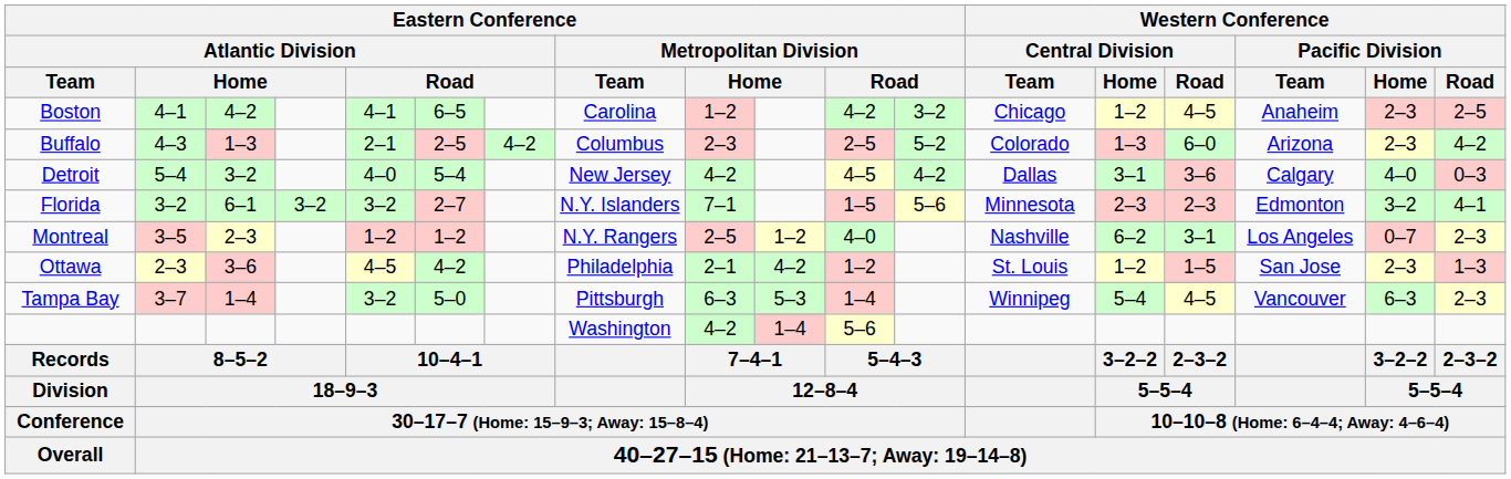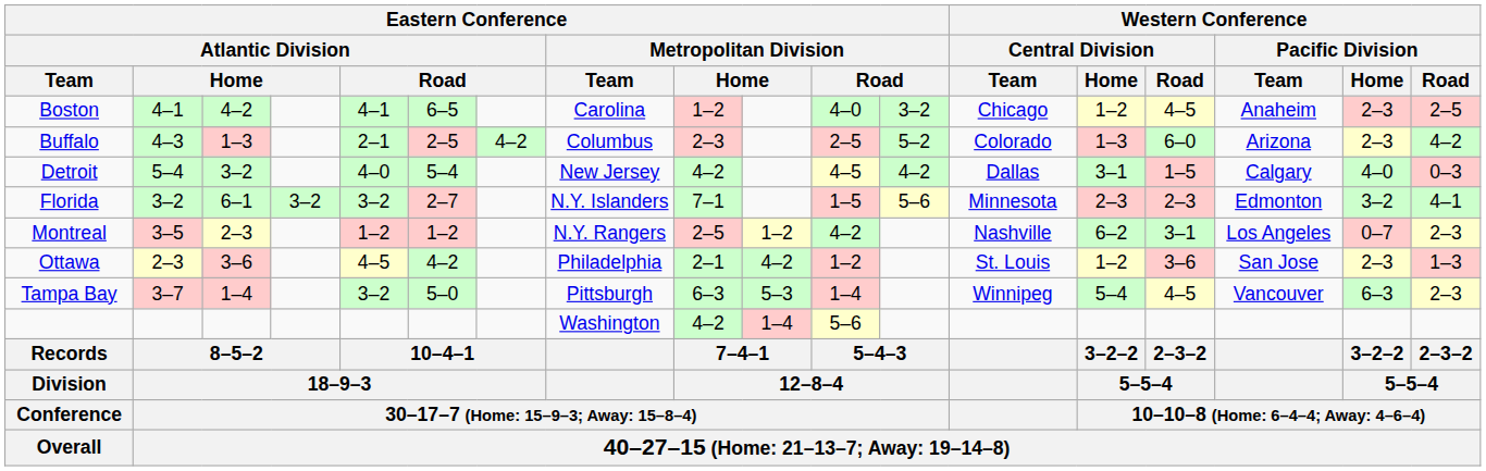 <table class="wikitable" style="font-size: 100%; text-align:center;">
 <tr>
 <th colspan="12">Eastern Conference</th>
 <th colspan="6">Western Conference</th>
 </tr>
 <tr>
 <th colspan="7">Atlantic Division</th>
 <th colspan="5">Metropolitan Division</th>
 <th colspan="3">Central Division</th>
 <th colspan="3">Pacific Division</th>
 </tr>
 <tr>
 <th colspan="1" width=100>Team</th>
 <th colspan="3" width=150>Home</th>
 <th colspan="3" width=150>Road</th>
 <th colspan="1" width=100>Team</th>
 <th colspan="2" width=100>Home</th>
 <th colspan="2" width=100>Road</th>
 <th colspan="1" width=100>Team</th>
 <th colspan="1" width=50>Home</th>
 <th colspan="1" width=50>Road</th>
 <th colspan="1" width=100>Team</th>
 <th colspan="1" width=50>Home</th>
 <th colspan="1" width=50>Road</th>
 </tr>
 <tr>
 <td><a href='#'>Boston</a></td>
 <td style="background:#cfc;">4–1</td>
 <td style="background:#cfc;">4–2</td>
 <td></td>
 <td style="background:#cfc;">4–1</td>
 <td style="background:#cfc;">6–5</td>
 <td></td>
 <td><a href='#'>Carolina</a></td>
 <td style="background:#fcc;">1–2</td>
 <td></td>
-<td style="background:#cfc;">4–2</td>
+<td style="background:#cfc;"width=50>4–0</td>
 <td style="background:#cfc;"width=50>3–2</td>
 <td><a href='#'>Chicago</a></td>
 <td style="background:#ffc;">1–2</td>
 <td style="background:#ffc;">4–5</td>
 <td><a href='#'>Anaheim</a></td>
 <td style="background:#fcc;">2–3</td>
 <td style="background:#fcc;">2–5</td>
 </tr>
 <tr>
 <td><a href='#'>Buffalo</a></td>
 <td style="background:#cfc;">4–3</td>
 <td style="background:#fcc;">1–3</td>
 <td></td>
 <td style="background:#cfc;"width=50>2–1</td>
 <td style="background:#fcc;"width=50>2–5</td>
 <td style="background:#cfc;"width=50>4–2</td>
 <td><a href='#'>Columbus</a></td>
 <td Style="background:#fcc;">2–3</td>
 <td></td>
 <td style="background:#fcc;">2–5</td>
 <td style="background:#cfc;">5–2</td>
 <td><a href='#'>Colorado</a></td>
 <td style="background:#fcc;">1–3</td>
 <td style="background:#cfc;">6–0</td>
 <td><a href='#'>Arizona</a></td>
 <td style="background:#ffc;">2–3</td>
 <td style="background:#cfc;">4–2</td>
 </tr>
 <tr>
 <td><a href='#'>Detroit</a></td>
 <td style="background:#cfc;">5–4</td>
 <td style="background:#cfc;">3–2</td>
 <td></td>
 <td style="background:#cfc;">4–0</td>
 <td style="background:#cfc">5–4</td>
 <td></td>
 <td><a href='#'>New Jersey</a></td>
 <td style="background:#cfc;">4–2</td>
 <td></td>
 <td style="background:#ffc;">4–5</td>
 <td style="background:#cfc;">4–2</td>
 <td><a href='#'>Dallas</a></td>
 <td style="background:#cfc;">3–1</td>
-<td style="background:#fcc;">3–6</td>
+<td style="background:#fcc;">1–5</td>
 <td><a href='#'>Calgary</a></td>
 <td style="background:#cfc;">4–0</td>
 <td style="background:#fcc;">0–3</td>
 </tr>
 <tr>
 <td><a href='#'>Florida</a></td>
 <td style="background:#cfc;"width=50>3–2</td>
 <td style="background:#cfc;"width=50>6–1</td>
 <td style="background:#cfc;"width=50>3–2</td>
 <td style="background:#cfc;">3–2</td>
 <td style="background:#fcc;">2–7</td>
 <td></td>
 <td><a href='#'>N.Y. Islanders</a></td>
 <td style="background:#cfc;">7–1</td>
 <td></td>
 <td style="background:#fcc;">1–5</td>
 <td style="background:#ffc;">5–6</td>
 <td><a href='#'>Minnesota</a></td>
 <td style="background:#fcc;">2–3</td>
 <td style="background:#fcc;">2–3</td>
 <td><a href='#'>Edmonton</a></td>
 <td style="background:#cfc;">3–2</td>
 <td style="background:#cfc;">4–1</td>
 </tr>
 <tr>
 <td><a href='#'>Montreal</a></td>
 <td style="background:#fcc;">3–5</td>
 <td style="background:#ffc;">2–3</td>
 <td></td>
 <td style="background:#fcc;">1–2</td>
 <td style="background:#fcc;">1–2</td>
 <td></td>
 <td><a href='#'>N.Y. Rangers</a></td>
 <td style="background:#fcc;"width=50>2–5</td>
 <td style="background:#ffc;"width=50>1–2</td>
-<td style="background:#cfc;"width=50>4–0</td>
+<td style="background:#cfc;">4–2</td>
 <td></td>
 <td><a href='#'>Nashville</a></td>
 <td style="background:#cfc;">6–2</td>
 <td style="background:#cfc;">3–1</td>
 <td><a href='#'>Los Angeles</a></td>
 <td style="background:#fcc;">0–7</td>
 <td style="background:#ffc;">2–3</td>
 </tr>
 <tr>
 <td><a href='#'>Ottawa</a></td>
 <td style="background:#ffc;">2–3</td>
 <td style="background:#fcc;">3–6</td>
 <td></td>
 <td style="background:#ffc;">4–5</td>
 <td style="background:#cfc;">4–2</td>
 <td></td>
 <td><a href='#'>Philadelphia</a></td>
 <td style="background:#cfc;">2–1</td>
 <td style="background:#cfc;">4–2</td>
 <td style="background:#fcc;">1–2</td>
 <td></td>
 <td><a href='#'>St. Louis</a></td>
 <td style="background:#ffc;">1–2</td>
-<td style="background:#fcc;">1–5</td>
+<td style="background:#fcc;">3–6</td>
 <td><a href='#'>San Jose</a></td>
 <td style="background:#ffc;">2–3</td>
 <td style="background:#fcc;">1–3</td>
 </tr>
 <tr>
 <td><a href='#'>Tampa Bay</a></td>
 <td style="background:#fcc;">3–7</td>
 <td style="background:#fcc;">1–4</td>
 <td></td>
 <td style="background:#cfc;">3–2</td>
 <td style="background:#cfc;">5–0</td>
 <td></td>
 <td><a href='#'>Pittsburgh</a></td>
 <td style="background:#cfc;">6–3</td>
 <td style="background:#cfc;">5–3</td>
 <td style="background:#fcc;">1–4</td>
 <td></td>
 <td><a href='#'>Winnipeg</a></td>
 <td style="background:#cfc;">5–4</td>
 <td style="background:#ffc;">4–5</td>
 <td><a href='#'>Vancouver</a></td>
 <td style="background:#cfc;">6–3</td>
 <td style="background:#ffc;">2–3</td>
 </tr>
 <tr>
 <td></td>
 <td></td>
 <td></td>
 <td></td>
 <td></td>
 <td></td>
 <td></td>
 <td><a href='#'>Washington</a></td>
 <td style="background:#cfc;">4–2</td>
 <td style="Background:#fcc;">1–4</td>
 <td style="background:#ffc;">5–6</td>
 <td></td>
 <td></td>
 <td></td>
 <td></td>
 <td></td>
 <td></td>
 <td></td>
 </tr>
 <tr>
 <th colspan="1">Records</th>
 <th colspan="3">8–5–2</th>
 <th colspan="3">10–4–1</th>
 <th colspan="1"></th>
 <th colspan="2">7–4–1</th>
 <th colspan="2">5–4–3</th>
 <th colspan="1"></th>
 <th colspan="1">3–2–2</th>
 <th colspan="1">2–3–2</th>
 <th colspan="1"></th>
 <th colspan="1">3–2–2</th>
 <th colspan="1">2–3–2</th>
 </tr>
 <tr>
 <th colspan="1">Division</th>
 <th colspan="6">18–9–3</th>
 <th colspan="1"></th>
 <th colspan="4">12–8–4</th>
 <th colspan="1"></th>
 <th colspan="2">5–5–4</th>
 <th colspan="1"></th>
 <th colspan="2">5–5–4</th>
 </tr>
 <tr>
 <th colspan="1">Conference</th>
 <th colspan="11">30–17–7 <small>(Home: 15–9–3; Away: 15–8–4)</small></th>
 <th colspan="1"></th>
 <th colspan="5">10–10–8 <small>(Home: 6–4–4; Away: 4–6–4)</small></th>
 </tr>
 <tr>
 <th colspan="1">Overall</th>
 <th colspan="17"><big>40–27–15</big> (Home: 21–13–7; Away: 19–14–8)</th>
 </tr>
 </table>
